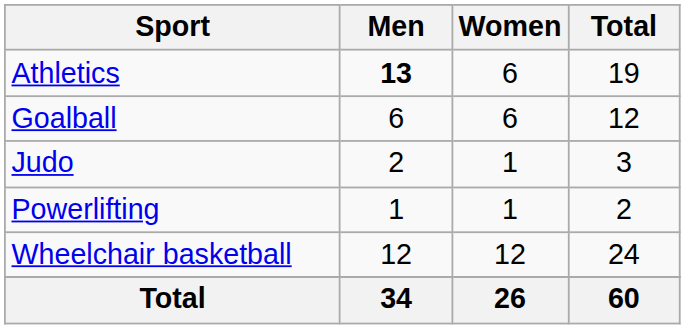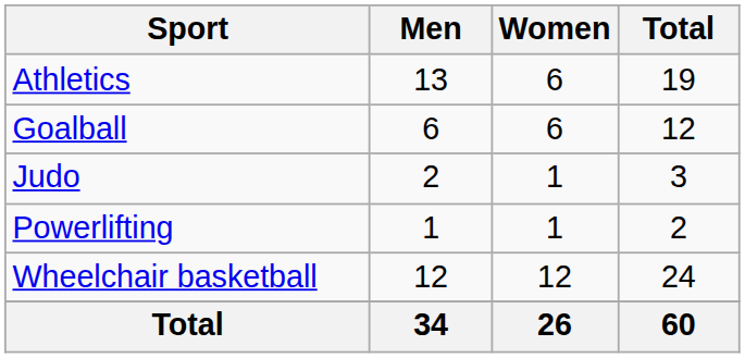 <table class="wikitable sortable" style="text-align:center">
 <tr>
 <th width=180>Sport</th>
 <th width=55>Men</th>
 <th width=55>Women</th>
 <th width=55>Total</th>
 </tr>
 <tr>
 <td align=left><a href='#'>Athletics</a></td>
-<td><strong>13</strong></td>
+<td>13</td>
 <td>6</td>
 <td>19</td>
 </tr>
 <tr>
 <td align=left><a href='#'>Goalball</a></td>
 <td>6</td>
 <td>6</td>
 <td>12</td>
 </tr>
 <tr>
 <td align=left><a href='#'>Judo</a></td>
 <td>2</td>
 <td>1</td>
 <td>3</td>
 </tr>
 <tr>
 <td align=left><a href='#'>Powerlifting</a></td>
 <td>1</td>
 <td>1</td>
 <td>2</td>
 </tr>
 <tr>
 <td align=left><a href='#'>Wheelchair basketball</a></td>
 <td>12</td>
 <td>12</td>
 <td>24</td>
 </tr>
 <tr>
 </tr>
 <tr class="sortbottom">
 <th>Total</th>
 <th>34</th>
 <th>26</th>
 <th>60</th>
 </tr>
 </table>
